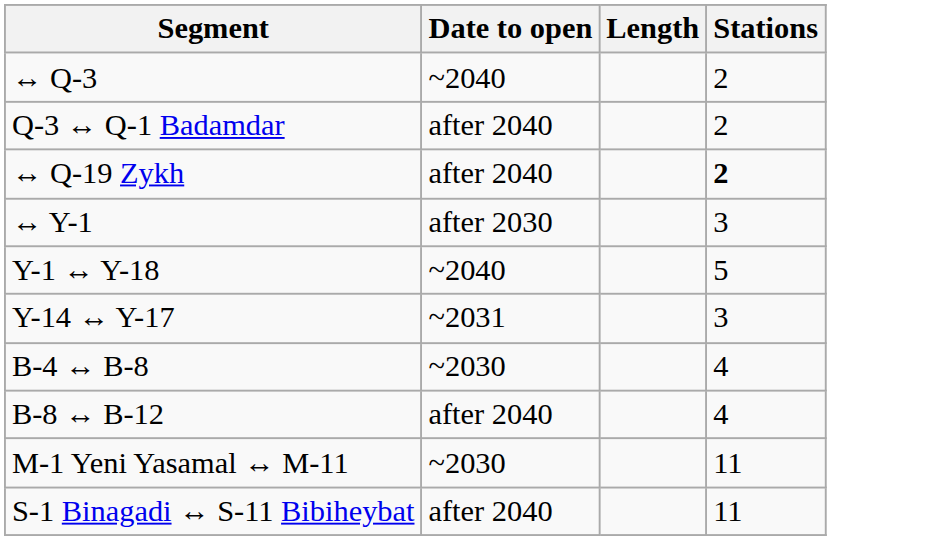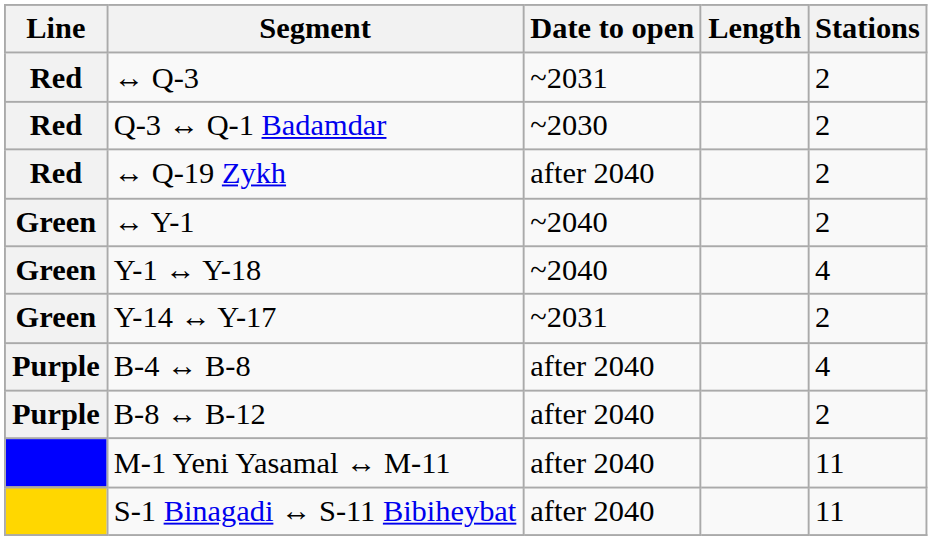 <table class=wikitable>
 <tr>
+<th>Line</th>
 <th>Segment</th>
 <th>Date to open</th>
 <th>Length</th>
 <th>Stations</th>
 </tr>
 <tr>
+<th style="background: #">Red</th>
 <td> ↔ Q-3</td>
+<td>~2031</td>
+<td></td>
+<td>2</td>
+</tr>
+<tr>
+<th style="background: #">Red</th>
+<td>Q-3 ↔ Q-1 <a href='#'>Badamdar</a></td>
+<td>~2030</td>
+<td></td>
+<td>2</td>
+</tr>
+<tr>
+<th style="background: #">Red</th>
+<td> ↔ Q-19 <a href='#'>Zykh</a></td>
+<td>after 2040</td>
+<td></td>
+<td>2</td>
+</tr>
+<tr>
+<th style="background: #">Green</th>
+<td> ↔ Y-1</td>
 <td>~2040</td>
 <td></td>
 <td>2</td>
 </tr>
 <tr>
-<td>Q-3 ↔ Q-1 <a href='#'>Badamdar</a></td>
+<th style="background: #">Green</th>
+<td>Y-1 ↔ Y-18</td>
+<td>~2040</td>
+<td></td>
+<td>4</td>
+</tr>
+<tr>
+<th style="background: #">Green</th>
+<td>Y-14 ↔ Y-17</td>
+<td>~2031</td>
+<td></td>
+<td>2</td>
+</tr>
+<tr>
+<th style="background: #">Purple</th>
+<td>B-4 ↔ B-8</td>
+<td>after 2040</td>
+<td></td>
+<td>4</td>
+</tr>
+<tr>
+<th style="background: #">Purple</th>
+<td>B-8 ↔ B-12</td>
 <td>after 2040</td>
 <td></td>
 <td>2</td>
 </tr>
 <tr>
-<td> ↔ Q-19 <a href='#'>Zykh</a></td>
+<td style="background: blue; text-align: center;"></td>
+<td>M-1 Yeni Yasamal ↔ M-11</td>
 <td>after 2040</td>
-<td></td>
-<td><strong>2</strong></td>
-</tr>
-<tr>
-<td> ↔ Y-1</td>
-<td>after 2030</td>
-<td></td>
-<td>3</td>
-</tr>
-<tr>
-<td>Y-1 ↔ Y-18</td>
-<td>~2040</td>
-<td></td>
-<td>5</td>
-</tr>
-<tr>
-<td>Y-14 ↔ Y-17</td>
-<td>~2031</td>
-<td></td>
-<td>3</td>
-</tr>
-<tr>
-<td>B-4 ↔ B-8</td>
-<td>~2030</td>
-<td></td>
-<td>4</td>
-</tr>
-<tr>
-<td>B-8 ↔ B-12</td>
-<td>after 2040</td>
-<td></td>
-<td>4</td>
-</tr>
-<tr>
-<td>M-1 Yeni Yasamal ↔ M-11</td>
-<td>~2030</td>
 <td></td>
 <td>11</td>
 </tr>
 <tr>
+<td style="background: gold; text-align: center;"></td>
 <td>S-1 <a href='#'>Binagadi</a> ↔ S-11 <a href='#'>Bibiheybat</a></td>
 <td>after 2040</td>
 <td></td>
 <td>11</td>
 </tr>
 </table>
